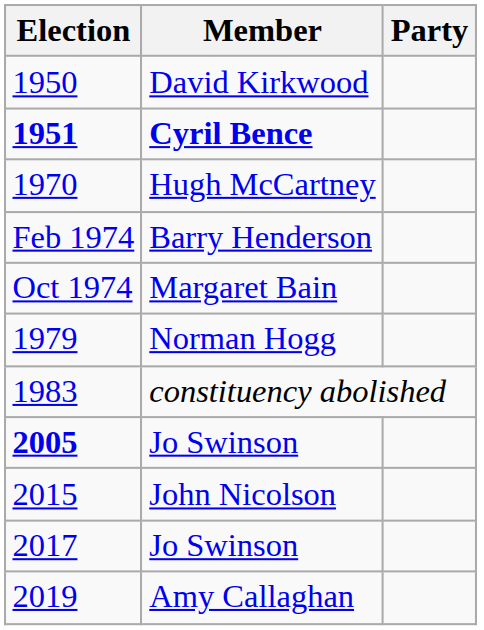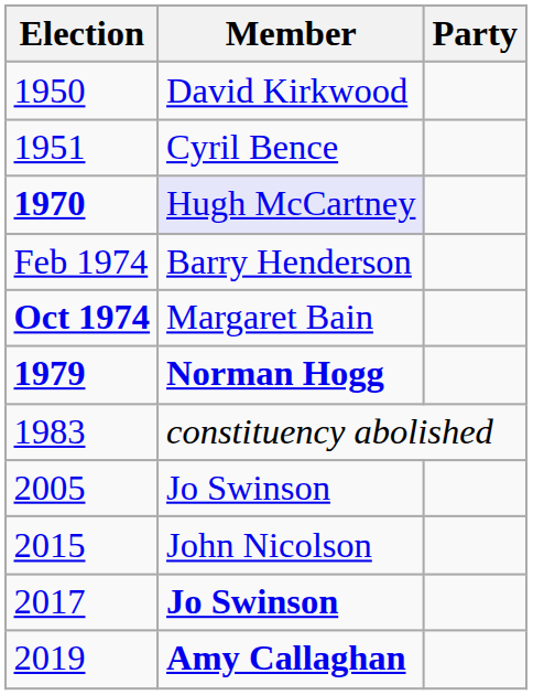 <table class="wikitable">
 <tr>
 <th>Election</th>
 <th>Member</th>
 <th colspan="2">Party</th>
 </tr>
 <tr>
 <td><a href='#'>1950</a></td>
 <td><a href='#'>David Kirkwood</a></td>
 <td></td>
 </tr>
 <tr>
-<td><strong><a href='#'>1951</a></strong></td>
-<td><strong><a href='#'>Cyril Bence</a></strong></td>
+<td><a href='#'>1951</a></td>
+<td><a href='#'>Cyril Bence</a></td>
 <td></td>
 </tr>
 <tr>
-<td><a href='#'>1970</a></td>
-<td><a href='#'>Hugh McCartney</a></td>
+<td><strong><a href='#'>1970</a></strong></td>
+<td style="background: lavender;"><a href='#'>Hugh McCartney</a></td>
 <td></td>
 </tr>
 <tr>
 <td><a href='#'>Feb 1974</a></td>
 <td><a href='#'>Barry Henderson</a></td>
 <td></td>
 </tr>
 <tr>
-<td><a href='#'>Oct 1974</a></td>
+<td><strong><a href='#'>Oct 1974</a></strong></td>
 <td><a href='#'>Margaret Bain</a></td>
 <td></td>
 </tr>
 <tr>
-<td><a href='#'>1979</a></td>
-<td><a href='#'>Norman Hogg</a></td>
+<td><strong><a href='#'>1979</a></strong></td>
+<td><strong><a href='#'>Norman Hogg</a></strong></td>
 <td></td>
 </tr>
 <tr>
 <td><a href='#'>1983</a></td>
 <td colspan="3"><em>constituency abolished</em></td>
 </tr>
 <tr>
-<td><strong><a href='#'>2005</a></strong></td>
+<td><a href='#'>2005</a></td>
 <td><a href='#'>Jo Swinson</a></td>
 <td></td>
 </tr>
 <tr>
 <td><a href='#'>2015</a></td>
 <td><a href='#'>John Nicolson</a></td>
 <td></td>
 </tr>
 <tr>
 <td><a href='#'>2017</a></td>
-<td><a href='#'>Jo Swinson</a></td>
+<td><strong><a href='#'>Jo Swinson</a></strong></td>
 <td></td>
 </tr>
 <tr>
 <td><a href='#'>2019</a></td>
-<td><a href='#'>Amy Callaghan</a></td>
+<td><strong><a href='#'>Amy Callaghan</a></strong></td>
 <td></td>
 </tr>
 </table>
